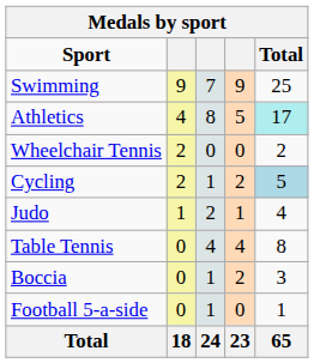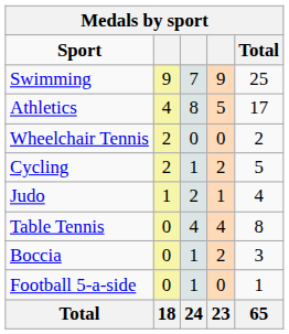 <table class="wikitable" border="1"  style="float:right">
 <tr>
 <th colspan=5>Medals by sport</th>
 </tr>
 <tr align=center>
 <td><strong>Sport</strong></td>
 <th bgcolor=#f7f6a8></th>
 <th bgcolor=#dce5e5></th>
 <th bgcolor=#ffdab9></th>
 <th>Total</th>
 </tr>
 <tr align=center>
 <td align=left><a href='#'>Swimming</a></td>
 <td bgcolor=#f7f6a8>9</td>
 <td bgcolor=#dce5e5>7</td>
 <td bgcolor=#ffdab9>9</td>
 <td>25</td>
 </tr>
 <tr align=center>
 <td align=left><a href='#'>Athletics</a></td>
 <td bgcolor=#f7f6a8>4</td>
 <td bgcolor=#dce5e5>8</td>
 <td bgcolor=#ffdab9>5</td>
-<td style="background: paleturquoise;">17</td>
+<td>17</td>
 </tr>
 <tr align=center>
 <td align=left><a href='#'>Wheelchair Tennis</a></td>
 <td bgcolor=#f7f6a8>2</td>
 <td bgcolor=#dce5e5>0</td>
 <td bgcolor=#ffdab9>0</td>
 <td>2</td>
 </tr>
 <tr align=center>
 <td align=left><a href='#'>Cycling</a></td>
 <td bgcolor=#f7f6a8>2</td>
 <td bgcolor=#dce5e5>1</td>
 <td bgcolor=#ffdab9>2</td>
-<td style="background: lightblue;">5</td>
+<td>5</td>
 </tr>
 <tr align=center>
 <td align=left><a href='#'>Judo</a></td>
 <td bgcolor=#f7f6a8>1</td>
 <td bgcolor=#dce5e5>2</td>
 <td bgcolor=#ffdab9>1</td>
 <td>4</td>
 </tr>
 <tr align=center>
 <td align=left><a href='#'>Table Tennis</a></td>
 <td bgcolor=#f7f6a8>0</td>
 <td bgcolor=#dce5e5>4</td>
 <td bgcolor=#ffdab9>4</td>
 <td>8</td>
 </tr>
 <tr align=center>
 <td align=left><a href='#'>Boccia</a></td>
 <td bgcolor=#f7f6a8>0</td>
 <td bgcolor=#dce5e5>1</td>
 <td bgcolor=#ffdab9>2</td>
 <td>3</td>
 </tr>
 <tr align=center>
 <td align=left><a href='#'>Football 5-a-side</a></td>
 <td bgcolor=#f7f6a8>0</td>
 <td bgcolor=#dce5e5>1</td>
 <td bgcolor=#ffdab9>0</td>
 <td>1</td>
 </tr>
 <tr align=center>
 <th bgcolor=#efefef>Total</th>
 <th bgcolor=#f7f6a8>18</th>
 <th bgcolor=#dce5e5>24</th>
 <th bgcolor=#ffdab9>23</th>
 <th>65</th>
 </tr>
 </table>
